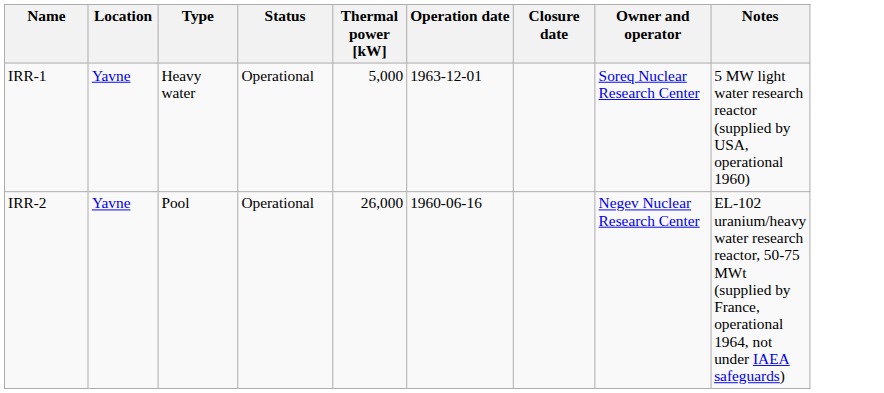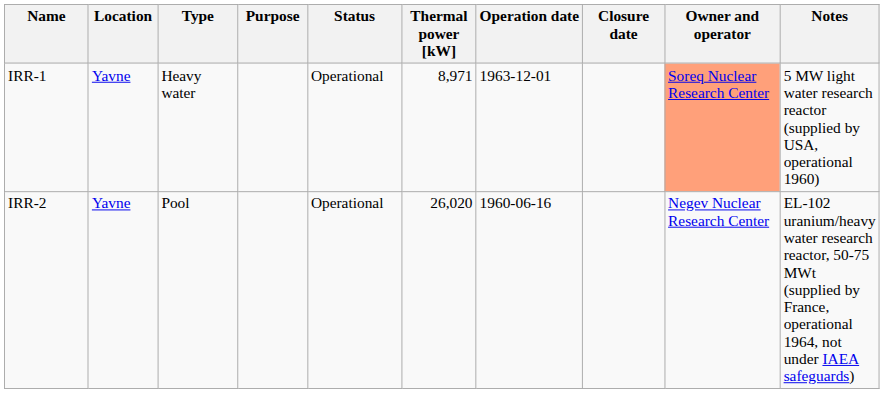 <table class="wikitable" >
 <tr valign="top">
 <th width="80">Name</th>
 <th width="65">Location</th>
 <th width="76">Type</th>
+<th width="65">Purpose</th>
 <th width="91">Status</th>
 <th width="70“">Thermal power [kW]</th>
 <th width=„67“>Operation date</th>
 <th width="78“">Closure date</th>
 <th width="113“">Owner and operator</th>
 <th width="65">Notes</th>
 </tr>
 <tr valign="top">
 <td>IRR-1</td>
 <td><a href='#'>Yavne</a></td>
 <td>Heavy water</td>
+<td></td>
 <td>Operational</td>
-<td align="right">5,000</td>
+<td align="right">8,971</td>
 <td>1963-12-01</td>
 <td></td>
-<td><a href='#'>Soreq Nuclear Research Center</a></td>
+<td style="background: lightsalmon;"><a href='#'>Soreq Nuclear Research Center</a></td>
 <td>5 MW light water research reactor (supplied by USA, operational 1960)</td>
 </tr>
 <tr valign="top">
 <td>IRR-2</td>
 <td><a href='#'>Yavne</a></td>
 <td>Pool</td>
+<td></td>
 <td>Operational</td>
-<td align="right">26,000</td>
+<td align="right">26,020</td>
 <td>1960-06-16</td>
 <td></td>
 <td><a href='#'>Negev Nuclear Research Center</a></td>
 <td>EL-102 uranium/heavy water research reactor, 50-75 MWt (supplied by France, operational 1964, not under <a href='#'>IAEA safeguards</a>)</td>
 </tr>
 </table>
